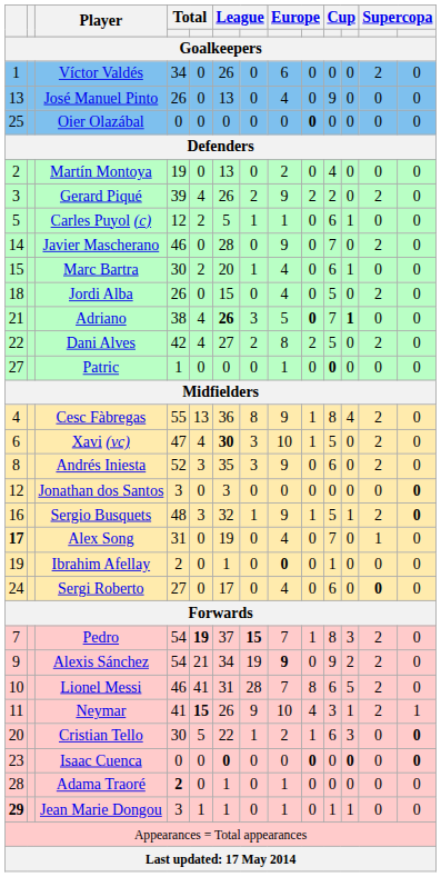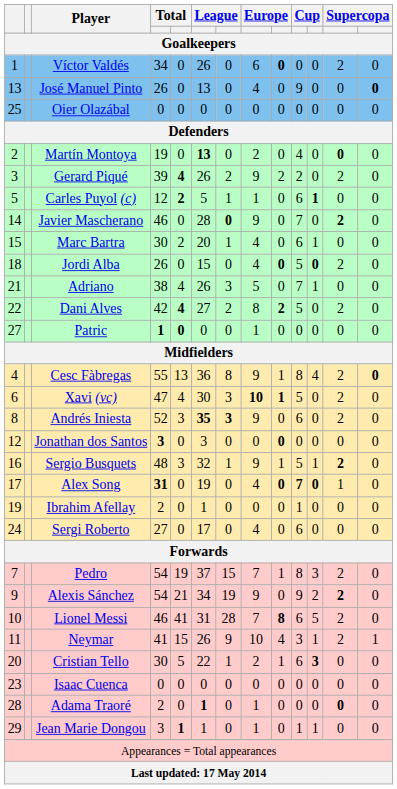 <table class="wikitable" style="text-align: center">
 <tr align="center" style="background:#9C9C9C">
 <th rowspan="2"></th>
 <th rowspan="2"></th>
 <th rowspan="2">Player</th>
 <th colspan="2">Total</th>
 <th colspan="2"><a href='#'>League</a></th>
 <th colspan="2"><a href='#'>Europe</a></th>
 <th colspan="2"><a href='#'>Cup</a></th>
 <th colspan="2"><a href='#'>Supercopa</a></th>
 </tr>
 <tr style="background:#DCDCDC">
 <th></th>
 <th></th>
 <th></th>
 <th></th>
 <th></th>
 <th></th>
 <th></th>
 <th></th>
 <th></th>
 <th></th>
 </tr>
 <tr align="center" style="background:#DCDCDC">
 <th colspan="15">Goalkeepers</th>
 </tr>
 <tr align="center" style="background:#7EC0EE">
 <td>1</td>
 <td></td>
 <td><a href='#'>Víctor Valdés</a></td>
 <td>34 </td>
 <td>0 </td>
 <td>26 </td>
 <td>0 </td>
 <td>6 </td>
-<td>0 </td>
+<td><strong>0 </strong></td>
 <td>0 </td>
 <td>0 </td>
 <td>2 </td>
 <td>0 </td>
 </tr>
 <tr align="center" style="background:#7EC0EE">
 <td>13</td>
 <td></td>
 <td><a href='#'>José Manuel Pinto</a></td>
 <td>26 </td>
 <td>0 </td>
 <td>13 </td>
 <td>0 </td>
 <td>4 </td>
 <td>0 </td>
 <td>9 </td>
 <td>0 </td>
 <td>0 </td>
-<td>0 </td>
+<td><strong>0 </strong></td>
 </tr>
 <tr align="center" style="background:#7EC0EE">
 <td>25</td>
 <td></td>
 <td><a href='#'>Oier Olazábal</a></td>
 <td>0 </td>
 <td>0 </td>
 <td>0 </td>
 <td>0 </td>
 <td>0 </td>
-<td><strong>0 </strong></td>
+<td>0 </td>
 <td>0 </td>
 <td>0 </td>
 <td>0 </td>
 <td>0 </td>
 </tr>
 <tr align="center" style="background:#7EC0EE">
 <th colspan="15">Defenders</th>
 </tr>
 <tr align="center" style="background:#B9FFC5">
 <td>2</td>
 <td></td>
 <td><a href='#'>Martín Montoya</a></td>
 <td>19 </td>
 <td>0 </td>
-<td>13 </td>
+<td><strong>13 </strong></td>
 <td>0 </td>
 <td>2 </td>
 <td>0 </td>
 <td>4 </td>
 <td>0 </td>
-<td>0 </td>
+<td><strong>0 </strong></td>
 <td>0 </td>
 </tr>
 <tr align="center" style="background:#B9FFC5">
 <td>3</td>
 <td></td>
 <td><a href='#'>Gerard Piqué</a></td>
 <td>39 </td>
-<td>4 </td>
+<td><strong>4 </strong></td>
 <td>26 </td>
 <td>2 </td>
 <td>9 </td>
 <td>2 </td>
 <td>2 </td>
 <td>0 </td>
 <td>2 </td>
 <td>0 </td>
 </tr>
 <tr align="center" style="background:#B9FFC5">
 <td>5</td>
 <td></td>
 <td><a href='#'>Carles Puyol</a> <em><a href='#'>(c)</a></em></td>
 <td>12 </td>
-<td>2 </td>
+<td><strong>2 </strong></td>
 <td>5 </td>
 <td>1 </td>
 <td>1 </td>
 <td>0 </td>
 <td>6 </td>
-<td>1 </td>
+<td><strong>1 </strong></td>
 <td>0 </td>
 <td>0 </td>
 </tr>
 <tr align="center" style="background:#B9FFC5">
 <td>14</td>
 <td></td>
 <td><a href='#'>Javier Mascherano</a></td>
 <td>46 </td>
 <td>0 </td>
 <td>28 </td>
-<td>0 </td>
+<td><strong>0 </strong></td>
 <td>9 </td>
 <td>0 </td>
 <td>7 </td>
 <td>0 </td>
-<td>2 </td>
+<td><strong>2 </strong></td>
 <td>0 </td>
 </tr>
 <tr align="center" style="background:#B9FFC5">
 <td>15</td>
 <td></td>
 <td><a href='#'>Marc Bartra</a></td>
 <td>30 </td>
 <td>2 </td>
 <td>20 </td>
 <td>1 </td>
 <td>4 </td>
 <td>0 </td>
 <td>6 </td>
 <td>1 </td>
 <td>0 </td>
 <td>0 </td>
 </tr>
 <tr align="center" style="background:#B9FFC5">
 <td>18</td>
 <td></td>
 <td><a href='#'>Jordi Alba</a></td>
 <td>26 </td>
 <td>0 </td>
 <td>15 </td>
 <td>0 </td>
 <td>4 </td>
-<td>0 </td>
+<td><strong>0 </strong></td>
 <td>5 </td>
-<td>0 </td>
+<td><strong>0 </strong></td>
 <td>2 </td>
 <td>0 </td>
 </tr>
 <tr align="center" style="background:#B9FFC5">
 <td>21</td>
 <td></td>
 <td><a href='#'>Adriano</a></td>
 <td>38 </td>
 <td>4 </td>
-<td><strong>26 </strong></td>
+<td>26 </td>
 <td>3 </td>
 <td>5 </td>
-<td><strong>0 </strong></td>
+<td>0 </td>
 <td>7 </td>
-<td><strong>1 </strong></td>
+<td>1 </td>
 <td>0 </td>
 <td>0 </td>
 </tr>
 <tr align="center" style="background:#B9FFC5">
 <td>22</td>
 <td></td>
 <td><a href='#'>Dani Alves</a></td>
 <td>42 </td>
-<td>4 </td>
+<td><strong>4 </strong></td>
 <td>27 </td>
 <td>2 </td>
 <td>8 </td>
-<td>2 </td>
+<td><strong>2 </strong></td>
 <td>5 </td>
 <td>0 </td>
 <td>2 </td>
 <td>0 </td>
 </tr>
 <tr align="center" style="background:#B9FFC5">
 <td>27</td>
 <td></td>
 <td><a href='#'>Patric</a></td>
-<td>1 </td>
-<td>0 </td>
+<td><strong>1 </strong></td>
+<td><strong>0 </strong></td>
 <td>0 </td>
 <td>0 </td>
 <td>1 </td>
 <td>0 </td>
-<td><strong>0 </strong></td>
+<td>0 </td>
 <td>0 </td>
 <td>0 </td>
 <td>0 </td>
 </tr>
 <tr align="center" style="background:#DCDCDC">
 <th colspan="15">Midfielders</th>
 </tr>
 <tr align="center" style="background:#FFEBAD">
 <td>4</td>
 <td></td>
 <td><a href='#'>Cesc Fàbregas</a></td>
 <td>55 </td>
 <td>13 </td>
 <td>36 </td>
 <td>8 </td>
 <td>9 </td>
 <td>1 </td>
 <td>8 </td>
 <td>4 </td>
 <td>2 </td>
-<td>0 </td>
+<td><strong>0 </strong></td>
 </tr>
 <tr align="center" style="background:#FFEBAD">
 <td>6</td>
 <td></td>
 <td><a href='#'>Xavi</a> <em><a href='#'>(vc)</a></em></td>
 <td>47 </td>
 <td>4 </td>
-<td><strong>30 </strong></td>
+<td>30 </td>
 <td>3 </td>
-<td>10 </td>
-<td>1 </td>
+<td><strong>10 </strong></td>
+<td><strong>1 </strong></td>
 <td>5 </td>
 <td>0 </td>
 <td>2 </td>
 <td>0 </td>
 </tr>
 <tr align="center" style="background:#FFEBAD">
 <td>8</td>
 <td></td>
 <td><a href='#'>Andrés Iniesta</a></td>
 <td>52 </td>
 <td>3 </td>
-<td>35 </td>
-<td>3 </td>
+<td><strong>35 </strong></td>
+<td><strong>3 </strong></td>
 <td>9 </td>
 <td>0 </td>
 <td>6 </td>
 <td>0 </td>
 <td>2 </td>
 <td>0 </td>
 </tr>
 <tr align="center" style="background:#FFEBAD">
 <td>12</td>
 <td></td>
 <td><a href='#'>Jonathan dos Santos</a></td>
-<td>3 </td>
+<td><strong>3 </strong></td>
 <td>0 </td>
 <td>3 </td>
 <td>0 </td>
 <td>0 </td>
+<td><strong>0 </strong></td>
 <td>0 </td>
 <td>0 </td>
 <td>0 </td>
 <td>0 </td>
-<td><strong>0 </strong></td>
 </tr>
 <tr align="center" style="background:#FFEBAD">
 <td>16</td>
 <td></td>
 <td><a href='#'>Sergio Busquets</a></td>
 <td>48 </td>
 <td>3 </td>
 <td>32 </td>
 <td>1 </td>
 <td>9 </td>
 <td>1 </td>
 <td>5 </td>
 <td>1 </td>
-<td>2 </td>
-<td><strong>0 </strong></td>
+<td><strong>2 </strong></td>
+<td>0 </td>
 </tr>
 <tr align="center" style="background:#FFEBAD">
-<td><strong>17</strong></td>
+<td>17</td>
 <td></td>
 <td><a href='#'>Alex Song</a></td>
-<td>31 </td>
+<td><strong>31 </strong></td>
 <td>0 </td>
 <td>19 </td>
 <td>0 </td>
 <td>4 </td>
-<td>0 </td>
-<td>7 </td>
-<td>0 </td>
+<td><strong>0 </strong></td>
+<td><strong>7 </strong></td>
+<td><strong>0 </strong></td>
 <td>1 </td>
 <td>0 </td>
 </tr>
 <tr align="center" style="background:#FFEBAD">
 <td>19</td>
 <td></td>
 <td><a href='#'>Ibrahim Afellay</a></td>
 <td>2 </td>
 <td>0 </td>
 <td>1 </td>
 <td>0 </td>
-<td><strong>0 </strong></td>
+<td>0 </td>
 <td>0 </td>
 <td>1 </td>
 <td>0 </td>
 <td>0 </td>
 <td>0 </td>
 </tr>
 <tr align="center" style="background:#FFEBAD">
 <td>24</td>
 <td></td>
 <td><a href='#'>Sergi Roberto</a></td>
 <td>27 </td>
 <td>0 </td>
 <td>17 </td>
 <td>0 </td>
 <td>4 </td>
 <td>0 </td>
 <td>6 </td>
 <td>0 </td>
-<td><strong>0 </strong></td>
+<td>0 </td>
 <td>0 </td>
 </tr>
 <tr align="left" style="background:#DCDCDC">
 <th colspan="15">Forwards</th>
 </tr>
 <tr align="center" style="background:#FFCBCB">
 <td>7</td>
 <td></td>
 <td><a href='#'>Pedro</a></td>
 <td>54 </td>
-<td><strong>19 </strong></td>
+<td>19 </td>
 <td>37 </td>
-<td><strong>15 </strong></td>
+<td>15 </td>
 <td>7 </td>
 <td>1 </td>
 <td>8 </td>
 <td>3 </td>
 <td>2 </td>
 <td>0 </td>
 </tr>
 <tr align="center" style="background:#FFCBCB">
 <td>9</td>
 <td></td>
 <td><a href='#'>Alexis Sánchez</a></td>
 <td>54 </td>
 <td>21 </td>
 <td>34 </td>
 <td>19 </td>
-<td><strong>9 </strong></td>
+<td>9 </td>
 <td>0 </td>
 <td>9 </td>
 <td>2 </td>
-<td>2 </td>
+<td><strong>2 </strong></td>
 <td>0 </td>
 </tr>
 <tr align="center" style="background:#FFCBCB">
 <td>10</td>
 <td></td>
 <td><a href='#'>Lionel Messi</a></td>
 <td>46 </td>
 <td>41 </td>
 <td>31 </td>
 <td>28 </td>
 <td>7 </td>
-<td>8 </td>
+<td><strong>8 </strong></td>
 <td>6 </td>
 <td>5 </td>
 <td>2 </td>
 <td>0 </td>
 </tr>
 <tr align="center" style="background:#FFCBCB">
 <td>11</td>
 <td></td>
 <td><a href='#'>Neymar</a></td>
 <td>41 </td>
-<td><strong>15 </strong></td>
+<td>15 </td>
 <td>26 </td>
 <td>9 </td>
 <td>10 </td>
 <td>4 </td>
 <td>3 </td>
 <td>1 </td>
 <td>2 </td>
 <td>1 </td>
 </tr>
 <tr align="center" style="background:#FFCBCB">
 <td>20</td>
 <td></td>
 <td><a href='#'>Cristian Tello</a></td>
 <td>30 </td>
 <td>5 </td>
 <td>22 </td>
 <td>1 </td>
 <td>2 </td>
 <td>1 </td>
 <td>6 </td>
-<td>3 </td>
+<td><strong>3 </strong></td>
 <td>0 </td>
-<td><strong>0 </strong></td>
+<td>0 </td>
 </tr>
 <tr align="center" style="background:#FFCBCB">
 <td>23</td>
 <td></td>
 <td><a href='#'>Isaac Cuenca</a></td>
 <td>0 </td>
 <td>0 </td>
-<td><strong>0 </strong></td>
 <td>0 </td>
 <td>0 </td>
-<td><strong>0 </strong></td>
 <td>0 </td>
-<td><strong>0 </strong></td>
-<td>0 </td>
-<td><strong>0 </strong></td>
-</tr>
-<tr align="center" style="background:#FFCBCB">
-<td>28</td>
-<td></td>
-<td><a href='#'>Adama Traoré</a></td>
-<td><strong>2 </strong></td>
-<td>0 </td>
-<td>1 </td>
-<td>0 </td>
-<td>1 </td>
 <td>0 </td>
 <td>0 </td>
 <td>0 </td>
 <td>0 </td>
 <td>0 </td>
 </tr>
 <tr align="center" style="background:#FFCBCB">
-<td><strong>29</strong></td>
+<td>28</td>
+<td></td>
+<td><a href='#'>Adama Traoré</a></td>
+<td>2 </td>
+<td>0 </td>
+<td><strong>1 </strong></td>
+<td>0 </td>
+<td>1 </td>
+<td>0 </td>
+<td>0 </td>
+<td>0 </td>
+<td><strong>0 </strong></td>
+<td>0 </td>
+</tr>
+<tr align="center" style="background:#FFCBCB">
+<td>29</td>
 <td></td>
 <td><a href='#'>Jean Marie Dongou</a></td>
 <td>3 </td>
-<td>1 </td>
+<td><strong>1 </strong></td>
 <td>1 </td>
 <td>0 </td>
 <td>1 </td>
 <td>0 </td>
 <td>1 </td>
 <td>1 </td>
 <td>0 </td>
 <td>0 </td>
 </tr>
 <tr align="center" style="background:#FFCBCB">
 <td 23! colspan="16"><small>Appearances = Total appearances</small></td>
 </tr>
 <tr align="left" style="background:#DCDCDC">
 <th colspan="16"><small>Last updated: 17 May 2014</small></th>
 </tr>
 </table>
